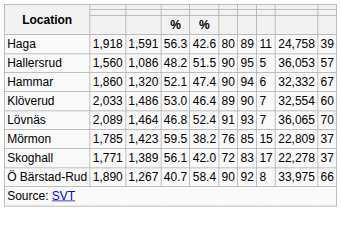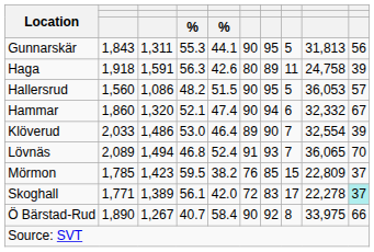 <table role="presentation" class="wikitable sortable mw-collapsible">
 <tr>
 <th rowspan="3">Location</th>
 <th></th>
 <th></th>
 <th></th>
 <th></th>
 <th></th>
 <th></th>
 <th></th>
 <th></th>
 <th></th>
 </tr>
 <tr>
 <th></th>
 <th></th>
 <th style="background:"></th>
 <th style="background:"></th>
 <th></th>
 <th></th>
 <th></th>
 <th></th>
 <th></th>
 </tr>
 <tr>
 <th data-sort-type="number"></th>
 <th data-sort-type="number"></th>
 <th data-sort-type="number">%</th>
 <th data-sort-type="number">%</th>
 <th data-sort-type="number"></th>
 <th data-sort-type="number"></th>
 <th data-sort-type="number"></th>
 <th data-sort-type="number"></th>
 <th data-sort-type="number"></th>
+</tr>
+<tr>
+<td align="left">Gunnarskär</td>
+<td>1,843</td>
+<td>1,311</td>
+<td>55.3</td>
+<td>44.1</td>
+<td>90</td>
+<td>95</td>
+<td>5</td>
+<td>31,813</td>
+<td>56</td>
 </tr>
 <tr>
 <td align="left">Haga</td>
 <td>1,918</td>
 <td>1,591</td>
 <td>56.3</td>
 <td>42.6</td>
 <td>80</td>
 <td>89</td>
 <td>11</td>
 <td>24,758</td>
 <td>39</td>
 </tr>
 <tr>
 <td align="left">Hallersrud</td>
 <td>1,560</td>
 <td>1,086</td>
 <td>48.2</td>
 <td>51.5</td>
 <td>90</td>
 <td>95</td>
 <td>5</td>
 <td>36,053</td>
 <td>57</td>
 </tr>
 <tr>
 <td align="left">Hammar</td>
 <td>1,860</td>
 <td>1,320</td>
 <td>52.1</td>
 <td>47.4</td>
 <td>90</td>
 <td>94</td>
 <td>6</td>
 <td>32,332</td>
 <td>67</td>
 </tr>
 <tr>
 <td align="left">Klöverud</td>
 <td>2,033</td>
 <td>1,486</td>
 <td>53.0</td>
 <td>46.4</td>
 <td>89</td>
 <td>90</td>
 <td>7</td>
 <td>32,554</td>
-<td>60</td>
+<td>39</td>
 </tr>
 <tr>
 <td align="left">Lövnäs</td>
 <td>2,089</td>
-<td>1,464</td>
+<td>1,494</td>
 <td>46.8</td>
 <td>52.4</td>
 <td>91</td>
 <td>93</td>
 <td>7</td>
 <td>36,065</td>
 <td>70</td>
 </tr>
 <tr>
 <td align="left">Mörmon</td>
 <td>1,785</td>
 <td>1,423</td>
 <td>59.5</td>
 <td>38.2</td>
 <td>76</td>
 <td>85</td>
 <td>15</td>
 <td>22,809</td>
 <td>37</td>
 </tr>
 <tr>
 <td align="left">Skoghall</td>
 <td>1,771</td>
 <td>1,389</td>
 <td>56.1</td>
 <td>42.0</td>
 <td>72</td>
 <td>83</td>
 <td>17</td>
 <td>22,278</td>
-<td>37</td>
+<td style="background: paleturquoise;">37</td>
 </tr>
 <tr>
 <td align="left">Ö Bärstad-Rud</td>
 <td>1,890</td>
 <td>1,267</td>
 <td>40.7</td>
 <td>58.4</td>
 <td>90</td>
 <td>92</td>
 <td>8</td>
 <td>33,975</td>
 <td>66</td>
 </tr>
 <tr>
 <td colspan="10" align="left">Source: <a href='#'>SVT</a></td>
 </tr>
 </table>
